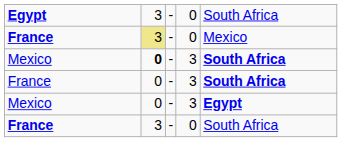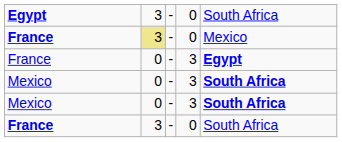 <table class="wikitable">
 <tr>
 <td width=150> <strong><a href='#'>Egypt</a></strong></td>
 <td width=20 align="right">3</td>
 <td>-</td>
 <td width=20 align="right">0</td>
 <td width=150> <a href='#'>South Africa</a></td>
 </tr>
 <tr>
 <td> <strong><a href='#'>France</a></strong></td>
 <td align="right" style="background: khaki;">3</td>
 <td>-</td>
 <td align="right">0</td>
 <td> <a href='#'>Mexico</a></td>
 </tr>
 <tr>
-<td> <a href='#'>Mexico</a></td>
-<td align="right"><strong>0</strong></td>
+<td> <a href='#'>France</a></td>
+<td align="right">0</td>
 <td>-</td>
 <td align="right">3</td>
-<td> <strong><a href='#'>South Africa</a></strong></td>
+<td> <strong><a href='#'>Egypt</a></strong></td>
 </tr>
 <tr>
-<td> <a href='#'>France</a></td>
+<td> <a href='#'>Mexico</a></td>
 <td align="right">0</td>
 <td>-</td>
 <td align="right">3</td>
 <td> <strong><a href='#'>South Africa</a></strong></td>
 </tr>
 <tr>
 <td> <a href='#'>Mexico</a></td>
 <td align="right">0</td>
 <td>-</td>
 <td align="right">3</td>
-<td><strong> <a href='#'>Egypt</a></strong></td>
+<td> <strong><a href='#'>South Africa</a></strong></td>
 </tr>
 <tr>
 <td> <strong><a href='#'>France</a></strong></td>
 <td align="right">3</td>
 <td>-</td>
 <td align="right">0</td>
 <td> <a href='#'>South Africa</a></td>
 </tr>
 </table>
